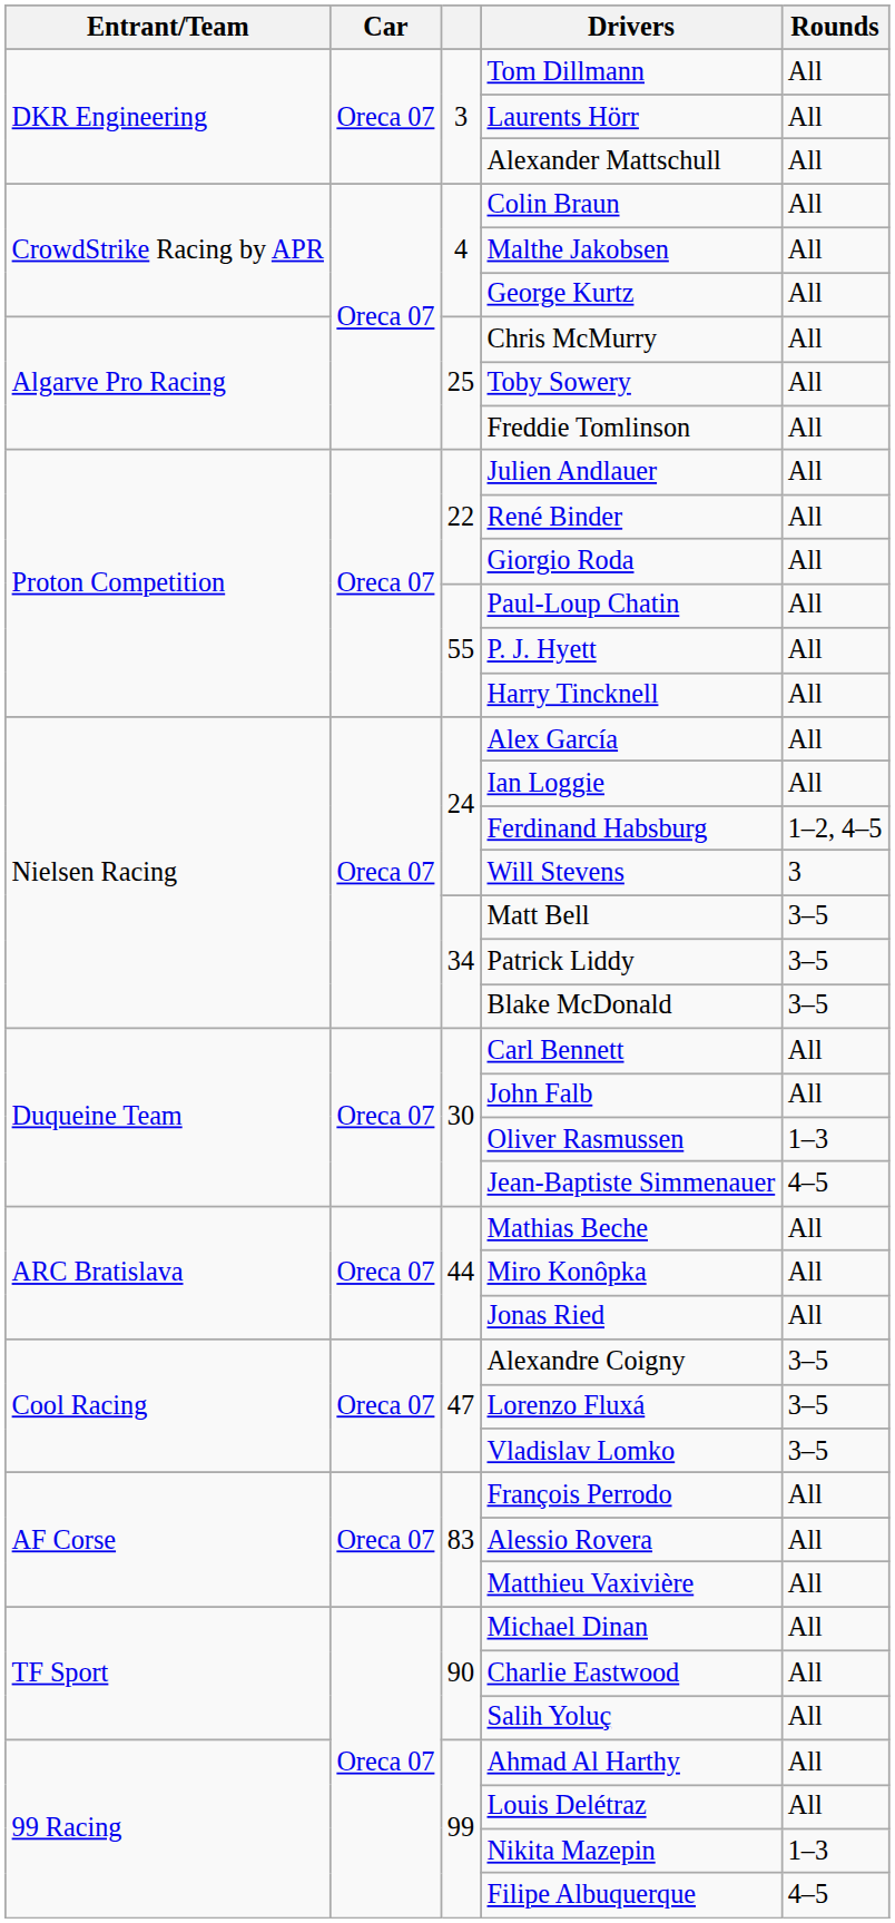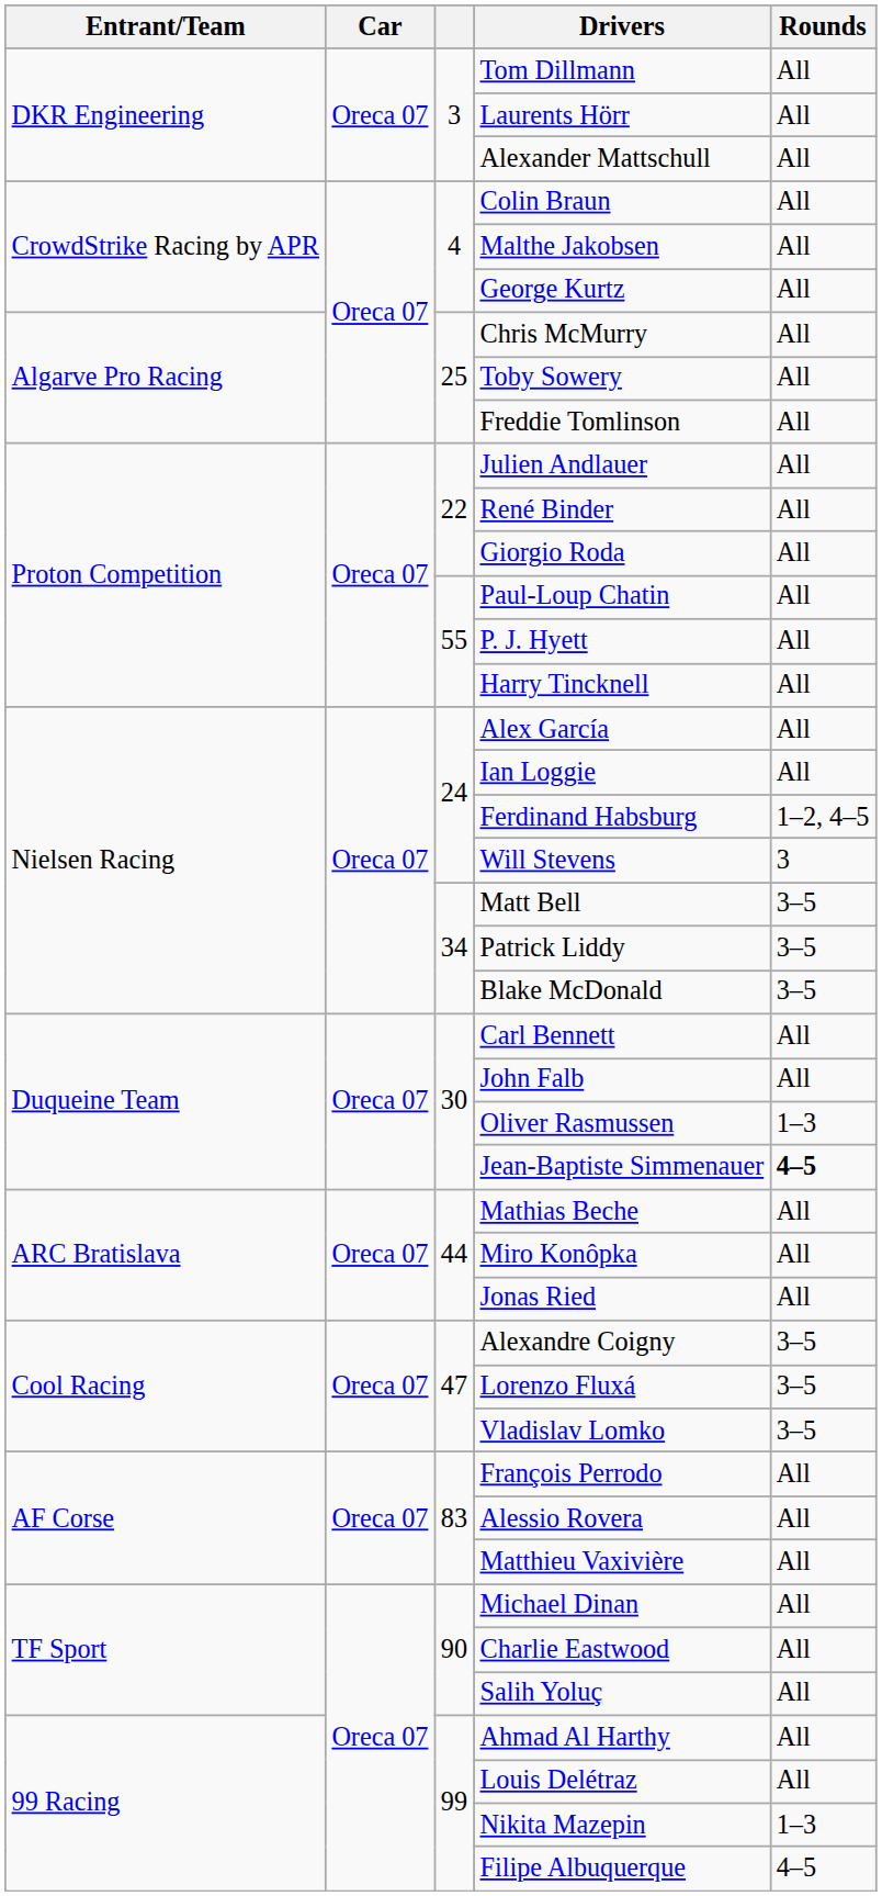 <table class="wikitable" style="font-size: 85%">
 <tr>
 <th>Entrant/Team</th>
 <th>Car</th>
 <th></th>
 <th>Drivers</th>
 <th>Rounds</th>
 </tr>
 <tr>
 <td rowspan="3"> <a href='#'>DKR Engineering</a></td>
 <td rowspan="3"><a href='#'>Oreca 07</a></td>
 <td align=center rowspan="3">3</td>
 <td> <a href='#'>Tom Dillmann</a></td>
 <td>All</td>
 </tr>
 <tr>
 <td> <a href='#'>Laurents Hörr</a></td>
 <td>All</td>
 </tr>
 <tr>
 <td> Alexander Mattschull</td>
 <td>All</td>
 </tr>
 <tr>
 <td rowspan="3"> <a href='#'>CrowdStrike</a> Racing by <a href='#'>APR</a></td>
 <td rowspan="6"><a href='#'>Oreca 07</a></td>
 <td rowspan="3" align="center">4</td>
 <td> <a href='#'>Colin Braun</a></td>
 <td>All</td>
 </tr>
 <tr>
 <td> <a href='#'>Malthe Jakobsen</a></td>
 <td>All</td>
 </tr>
 <tr>
 <td> <a href='#'>George Kurtz</a></td>
 <td>All</td>
 </tr>
 <tr>
 <td rowspan="3"> <a href='#'>Algarve Pro Racing</a></td>
 <td rowspan="3" align="center">25</td>
 <td> Chris McMurry</td>
 <td>All</td>
 </tr>
 <tr>
 <td> <a href='#'>Toby Sowery</a></td>
 <td>All</td>
 </tr>
 <tr>
 <td> Freddie Tomlinson</td>
 <td>All</td>
 </tr>
 <tr>
 <td rowspan="6"> <a href='#'>Proton Competition</a></td>
 <td rowspan="6"><a href='#'>Oreca 07</a></td>
 <td rowspan="3" align="center">22</td>
 <td> <a href='#'>Julien Andlauer</a></td>
 <td>All</td>
 </tr>
 <tr>
 <td> <a href='#'>René Binder</a></td>
 <td>All</td>
 </tr>
 <tr>
 <td> <a href='#'>Giorgio Roda</a></td>
 <td>All</td>
 </tr>
 <tr>
 <td rowspan="3" align="center">55</td>
 <td> <a href='#'>Paul-Loup Chatin</a></td>
 <td>All</td>
 </tr>
 <tr>
 <td> <a href='#'>P. J. Hyett</a></td>
 <td>All</td>
 </tr>
 <tr>
 <td> <a href='#'>Harry Tincknell</a></td>
 <td>All</td>
 </tr>
 <tr>
 <td rowspan="7"> Nielsen Racing</td>
 <td rowspan="7"><a href='#'>Oreca 07</a></td>
 <td rowspan="4" align="center">24</td>
 <td> <a href='#'>Alex García</a></td>
 <td>All</td>
 </tr>
 <tr>
 <td> <a href='#'>Ian Loggie</a></td>
 <td>All</td>
 </tr>
 <tr>
 <td> <a href='#'>Ferdinand Habsburg</a></td>
 <td nowrap>1–2, 4–5</td>
 </tr>
 <tr>
 <td> <a href='#'>Will Stevens</a></td>
 <td>3</td>
 </tr>
 <tr>
 <td rowspan="3" align="center">34</td>
 <td> Matt Bell</td>
 <td>3–5</td>
 </tr>
 <tr>
 <td> Patrick Liddy</td>
 <td>3–5</td>
 </tr>
 <tr>
 <td> Blake McDonald</td>
 <td>3–5</td>
 </tr>
 <tr>
 <td rowspan="4"> <a href='#'>Duqueine Team</a></td>
 <td rowspan="4"><a href='#'>Oreca 07</a></td>
 <td rowspan="4" align="center">30</td>
 <td> <a href='#'>Carl Bennett</a></td>
 <td>All</td>
 </tr>
 <tr>
 <td> <a href='#'>John Falb</a></td>
 <td>All</td>
 </tr>
 <tr>
 <td> <a href='#'>Oliver Rasmussen</a></td>
 <td>1–3</td>
 </tr>
 <tr>
 <td nowrap> <a href='#'>Jean-Baptiste Simmenauer</a></td>
-<td>4–5</td>
+<td><strong>4–5</strong></td>
 </tr>
 <tr>
 <td rowspan="3"> <a href='#'>ARC Bratislava</a></td>
 <td rowspan="3"><a href='#'>Oreca 07</a></td>
 <td rowspan="3" align="center">44</td>
 <td> <a href='#'>Mathias Beche</a></td>
 <td>All</td>
 </tr>
 <tr>
 <td> <a href='#'>Miro Konôpka</a></td>
 <td>All</td>
 </tr>
 <tr>
 <td> <a href='#'>Jonas Ried</a></td>
 <td>All</td>
 </tr>
 <tr>
 <td rowspan="3"> <a href='#'>Cool Racing</a></td>
 <td rowspan="3"><a href='#'>Oreca 07</a></td>
 <td align=center rowspan="3">47</td>
 <td> Alexandre Coigny</td>
 <td>3–5</td>
 </tr>
 <tr>
 <td> <a href='#'>Lorenzo Fluxá</a></td>
 <td>3–5</td>
 </tr>
 <tr>
 <td> <a href='#'>Vladislav Lomko</a></td>
 <td>3–5</td>
 </tr>
 <tr>
 <td rowspan="3"> <a href='#'>AF Corse</a></td>
 <td rowspan="3"><a href='#'>Oreca 07</a></td>
 <td rowspan="3" align="center">83</td>
 <td> <a href='#'>François Perrodo</a></td>
 <td>All</td>
 </tr>
 <tr>
 <td> <a href='#'>Alessio Rovera</a></td>
 <td>All</td>
 </tr>
 <tr>
 <td> <a href='#'>Matthieu Vaxivière</a></td>
 <td>All</td>
 </tr>
 <tr>
 <td rowspan="3"> <a href='#'>TF Sport</a></td>
 <td rowspan="7"><a href='#'>Oreca 07</a></td>
 <td rowspan="3" align="center">90</td>
 <td> <a href='#'>Michael Dinan</a></td>
 <td>All</td>
 </tr>
 <tr>
 <td> <a href='#'>Charlie Eastwood</a></td>
 <td>All</td>
 </tr>
 <tr>
 <td> <a href='#'>Salih Yoluç</a></td>
 <td>All</td>
 </tr>
 <tr>
 <td rowspan="4"> <a href='#'>99 Racing</a></td>
 <td rowspan="4" align="center">99</td>
 <td> <a href='#'>Ahmad Al Harthy</a></td>
 <td>All</td>
 </tr>
 <tr>
 <td> <a href='#'>Louis Delétraz</a></td>
 <td>All</td>
 </tr>
 <tr>
 <td> <a href='#'>Nikita Mazepin</a></td>
 <td>1–3</td>
 </tr>
 <tr>
 <td> <a href='#'>Filipe Albuquerque</a></td>
 <td>4–5</td>
 </tr>
 </table>
